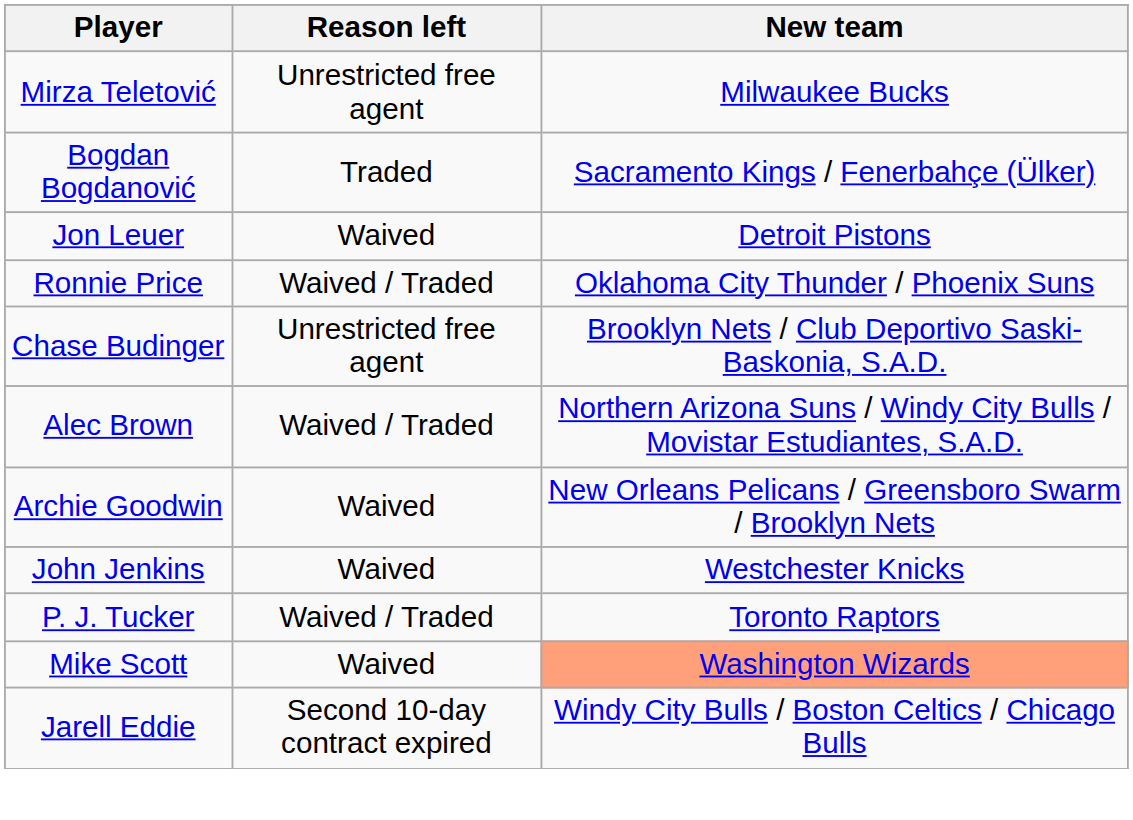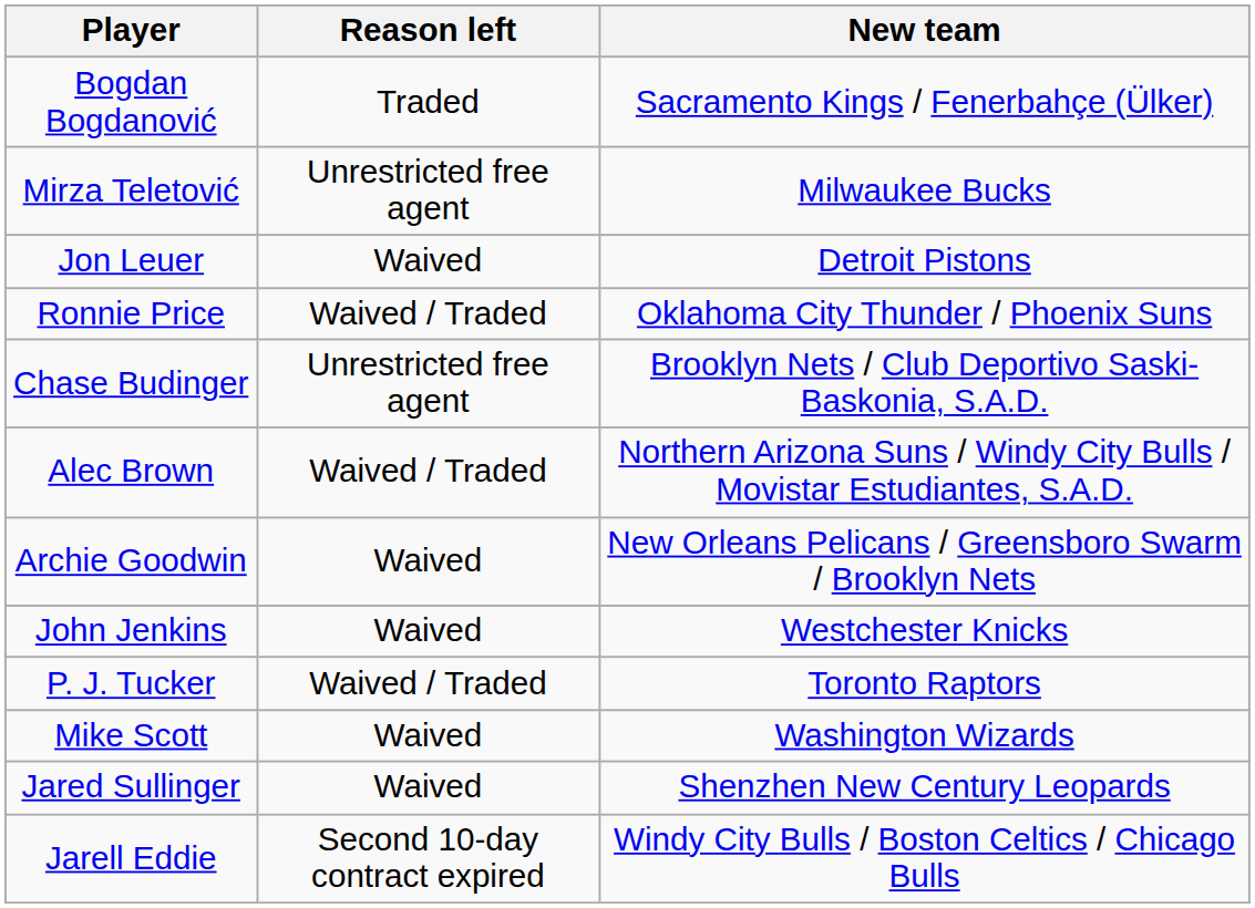 <table class="wikitable sortable sortable">
 <tr>
 <th>Player</th>
 <th>Reason left</th>
 <th>New team</th>
 </tr>
 <tr style="text-align: center">
+<td><a href='#'>Bogdan Bogdanović</a></td>
+<td>Traded</td>
+<td><a href='#'>Sacramento Kings</a> /  <a href='#'><span>Fenerbahçe (Ülker)</span></a></td>
+</tr>
+<tr style="text-align: center">
 <td><a href='#'>Mirza Teletović</a></td>
 <td>Unrestricted free agent</td>
 <td><a href='#'>Milwaukee Bucks</a></td>
-</tr>
-<tr style="text-align: center">
-<td><a href='#'>Bogdan Bogdanović</a></td>
-<td>Traded</td>
-<td><a href='#'>Sacramento Kings</a> /  <a href='#'><span>Fenerbahçe (Ülker)</span></a></td>
 </tr>
 <tr style="text-align: center">
 <td><a href='#'>Jon Leuer</a></td>
 <td>Waived</td>
 <td><a href='#'>Detroit Pistons</a></td>
 </tr>
 <tr style="text-align: center">
 <td><a href='#'>Ronnie Price</a></td>
 <td>Waived / Traded</td>
 <td><a href='#'>Oklahoma City Thunder</a> / <a href='#'>Phoenix Suns</a></td>
 </tr>
 <tr style="text-align: center">
 <td><a href='#'>Chase Budinger</a></td>
 <td>Unrestricted free agent</td>
 <td><a href='#'>Brooklyn Nets</a> /  <a href='#'>Club Deportivo Saski-Baskonia, S.A.D.</a></td>
 </tr>
 <tr style="text-align: center">
 <td><a href='#'>Alec Brown</a></td>
 <td>Waived / Traded</td>
 <td><a href='#'>Northern Arizona Suns</a> / <a href='#'>Windy City Bulls</a> /  <a href='#'>Movistar Estudiantes, S.A.D.</a></td>
 </tr>
 <tr style="text-align: center">
 <td><a href='#'>Archie Goodwin</a></td>
 <td>Waived</td>
 <td><a href='#'>New Orleans Pelicans</a> / <a href='#'>Greensboro Swarm</a> / <a href='#'>Brooklyn Nets</a></td>
 </tr>
 <tr style="text-align: center">
 <td><a href='#'>John Jenkins</a></td>
 <td>Waived</td>
 <td><a href='#'>Westchester Knicks</a></td>
 </tr>
 <tr style="text-align: center">
 <td><a href='#'>P. J. Tucker</a></td>
 <td>Waived / Traded</td>
 <td> <a href='#'>Toronto Raptors</a></td>
 </tr>
 <tr style="text-align: center">
 <td><a href='#'>Mike Scott</a></td>
 <td>Waived</td>
-<td style="background: lightsalmon;"><a href='#'>Washington Wizards</a></td>
+<td><a href='#'>Washington Wizards</a></td>
+</tr>
+<tr style="text-align: center">
+<td><a href='#'>Jared Sullinger</a></td>
+<td>Waived</td>
+<td> <a href='#'>Shenzhen New Century Leopards</a></td>
 </tr>
 <tr style="text-align: center">
 <td><a href='#'>Jarell Eddie</a></td>
 <td>Second 10-day contract expired</td>
 <td><a href='#'>Windy City Bulls</a> / <a href='#'>Boston Celtics</a> / <a href='#'>Chicago Bulls</a></td>
 </tr>
 </table>
